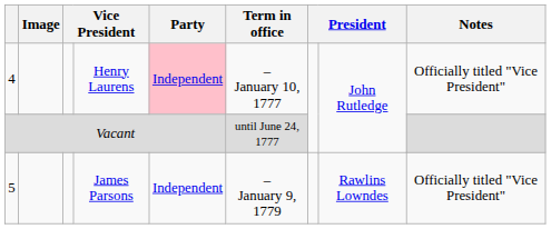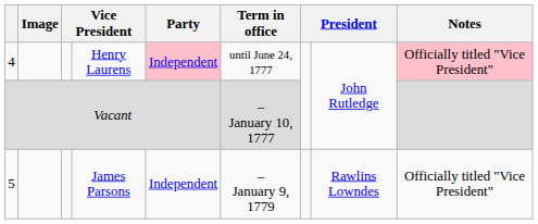 <table class="wikitable sortable" style="text-align: center;">
 <tr>
 <th scope="col" data-sort-type="number"></th>
 <th scope="col">Image</th>
 <th scope="col" colspan="2">Vice President</th>
 <th scope="col">Party</th>
 <th scope="col">Term in office</th>
 <th scope="col" colspan="2"><a href='#'>President</a></th>
 <th scope="col">Notes</th>
 </tr>
 <tr>
 <td>4</td>
 <td></td>
 <td style="background:"> </td>
 <td><a href='#'>Henry Laurens</a></td>
 <td style="background: pink;"><a href='#'>Independent</a></td>
-<td><br>–<br>January 10, 1777</td>
+<td><small>until June 24, 1777</small></td>
 <td rowspan=3 style="background:"> </td>
 <td rowspan=3><a href='#'>John Rutledge</a></td>
-<td rowspan-2>Officially titled "Vice President"</td>
+<td rowspan-2 style="background: pink;">Officially titled "Vice President"</td>
 </tr>
 <tr bgcolor="#DCDCDC">
 <td colspan=5><em>Vacant</em></td>
-<td><small>until June 24, 1777</small></td>
+<td><br>–<br>January 10, 1777</td>
 <td></td>
 </tr>
 <tr>
 <td rowspan=2>5</td>
 <td rowspan=2></td>
 <td rowspan=2 style="background:"> </td>
 <td rowspan=2><a href='#'>James Parsons</a></td>
 <td rowspan=2><a href='#'>Independent</a></td>
 <td rowspan=2><br>–<br>January 9, 1779</td>
 <td rowspan=2>Officially titled "Vice President"</td>
 </tr>
 <tr>
 <td style="background:"> </td>
 <td><a href='#'>Rawlins Lowndes</a></td>
 </tr>
 </table>
